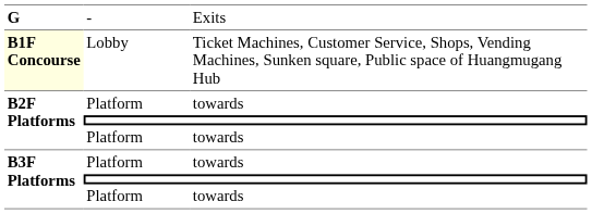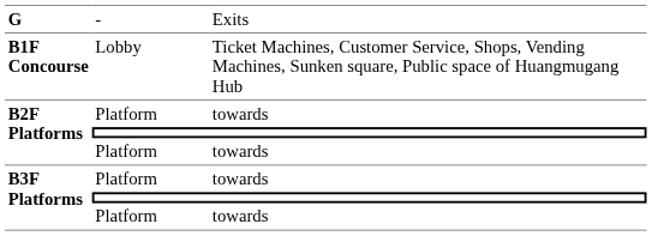 <table table border=0 cellspacing=0 cellpadding=3>
 <tr>
 <td style="border-top:solid 1px gray;" width=50 valign=top><strong>G</strong></td>
 <td style="border-top:solid 1px gray;" width=100 valign=top>-</td>
 <td style="border-top:solid 1px gray;" width=390 valign=top>Exits</td>
 </tr>
 <tr>
-<td style="background: lightyellow; border-bottom:solid 1px gray; border-top:solid 1px gray;" valign=top width=50><strong>B1F<br>Concourse</strong></td>
+<td style="border-bottom:solid 1px gray; border-top:solid 1px gray;" valign=top width=50><strong>B1F<br>Concourse</strong></td>
 <td style="border-bottom:solid 1px gray; border-top:solid 1px gray;" valign=top width=100>Lobby</td>
 <td style="border-bottom:solid 1px gray; border-top:solid 1px gray;" valign=top width=390>Ticket Machines, Customer Service, Shops, Vending Machines, Sunken square, Public space of Huangmugang Hub</td>
 </tr>
 <tr>
 <td style="border-bottom:solid 1px gray;" rowspan="3" valign=top><strong>B2F<br>Platforms</strong></td>
 <td>Platform</td>
 <td>  towards   </td>
 </tr>
 <tr>
 <td style="border-right:solid 2px black;border-left:solid 2px black;border-top:solid 2px black;border-bottom:solid 2px black;text-align:center;" colspan=2></td>
 </tr>
 <tr>
 <td style="border-bottom:solid 1px gray;">Platform</td>
 <td style="border-bottom:solid 1px gray;">  towards   </td>
 </tr>
 <tr>
 <td style="border-bottom:solid 1px gray;" rowspan="3" valign=top><strong>B3F<br>Platforms</strong></td>
 <td>Platform</td>
 <td>  towards  </td>
 </tr>
 <tr>
 <td style="border-right:solid 2px black;border-left:solid 2px black;border-top:solid 2px black;border-bottom:solid 2px black;text-align:center;" colspan=2></td>
 </tr>
 <tr>
 <td style="border-bottom:solid 1px gray;">Platform</td>
 <td style="border-bottom:solid 1px gray;">  towards  </td>
 </tr>
 </table>
